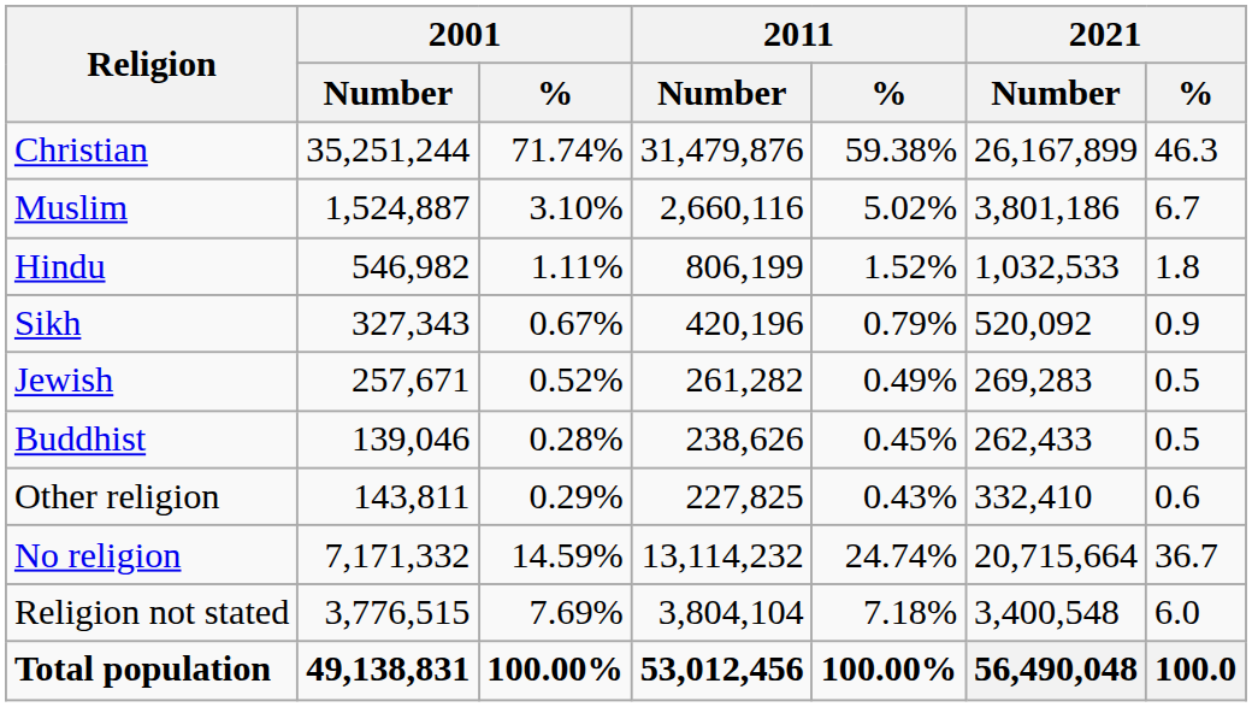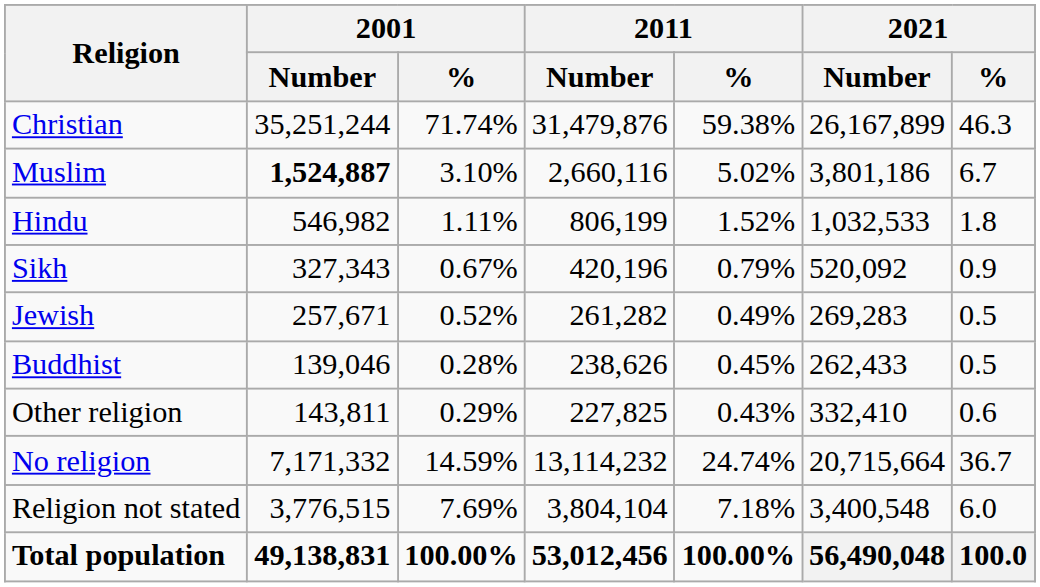 <table class="wikitable sortable">
 <tr>
 <th rowspan="2">Religion</th>
 <th colspan="2">2001</th>
 <th colspan="2">2011</th>
 <th colspan="2">2021</th>
 </tr>
 <tr>
 <th>Number</th>
 <th>%</th>
 <th>Number</th>
 <th>%</th>
 <th>Number</th>
 <th>%</th>
 </tr>
 <tr>
 <td><a href='#'>Christian</a></td>
 <td align=right>35,251,244</td>
 <td align=right>71.74%</td>
 <td align=right>31,479,876</td>
 <td align=right>59.38%</td>
 <td>26,167,899</td>
 <td>46.3</td>
 </tr>
 <tr>
 <td><a href='#'>Muslim</a></td>
-<td align=right>1,524,887</td>
+<td align=right><strong>1,524,887</strong></td>
 <td align=right>3.10%</td>
 <td align=right>2,660,116</td>
 <td align=right>5.02%</td>
 <td>3,801,186</td>
 <td>6.7</td>
 </tr>
 <tr>
 <td><a href='#'>Hindu</a></td>
 <td align=right>546,982</td>
 <td align=right>1.11%</td>
 <td align=right>806,199</td>
 <td align=right>1.52%</td>
 <td>1,032,533</td>
 <td>1.8</td>
 </tr>
 <tr>
 <td><a href='#'>Sikh</a></td>
 <td align=right>327,343</td>
 <td align=right>0.67%</td>
 <td align=right>420,196</td>
 <td align=right>0.79%</td>
 <td>520,092</td>
 <td>0.9</td>
 </tr>
 <tr>
 <td><a href='#'>Jewish</a></td>
 <td align=right>257,671</td>
 <td align=right>0.52%</td>
 <td align=right>261,282</td>
 <td align=right>0.49%</td>
 <td>269,283</td>
 <td>0.5</td>
 </tr>
 <tr>
 <td><a href='#'>Buddhist</a></td>
 <td align=right>139,046</td>
 <td align=right>0.28%</td>
 <td align=right>238,626</td>
 <td align=right>0.45%</td>
 <td>262,433</td>
 <td>0.5</td>
 </tr>
 <tr>
 <td>Other religion</td>
 <td align=right>143,811</td>
 <td align=right>0.29%</td>
 <td align=right>227,825</td>
 <td align=right>0.43%</td>
 <td>332,410</td>
 <td>0.6</td>
 </tr>
 <tr>
 <td><a href='#'>No religion</a></td>
 <td align=right>7,171,332</td>
 <td align=right>14.59%</td>
 <td align=right>13,114,232</td>
 <td align=right>24.74%</td>
 <td>20,715,664</td>
 <td>36.7</td>
 </tr>
 <tr>
 <td>Religion not stated</td>
 <td align=right>3,776,515</td>
 <td align=right>7.69%</td>
 <td align=right>3,804,104</td>
 <td align=right>7.18%</td>
 <td>3,400,548</td>
 <td>6.0</td>
 </tr>
 <tr>
 <td><strong>Total population</strong></td>
 <td align=right><strong>49,138,831</strong></td>
 <td align=right><strong>100.00%</strong></td>
 <td align=right><strong>53,012,456</strong></td>
 <td align=right><strong>100.00%</strong></td>
 <th>56,490,048</th>
 <th>100.0</th>
 </tr>
 </table>
